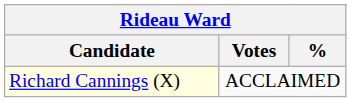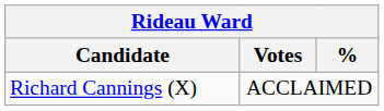 <table class="wikitable">
 <tr>
 <th colspan="3"><a href='#'>Rideau Ward</a></th>
 </tr>
 <tr>
 <th style="width: 170px">Candidate</th>
 <th style="width: 50px">Votes</th>
 <th style="width: 40px">%</th>
 </tr>
 <tr>
-<td style="background: lightyellow;"><a href='#'>Richard Cannings</a> (X)</td>
+<td><a href='#'>Richard Cannings</a> (X)</td>
 <td colspan="2" align="center">ACCLAIMED</td>
 </tr>
 </table>
